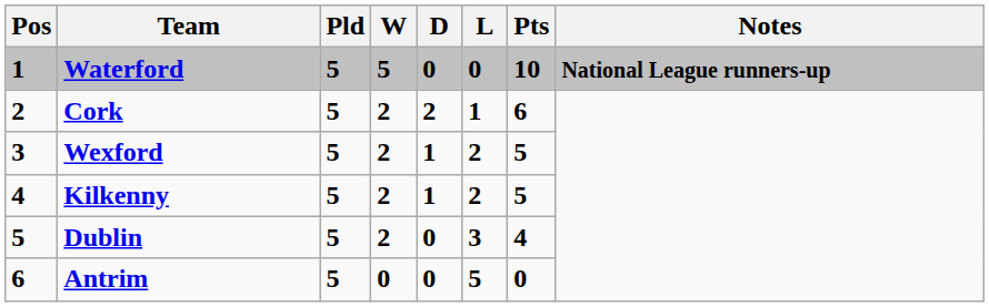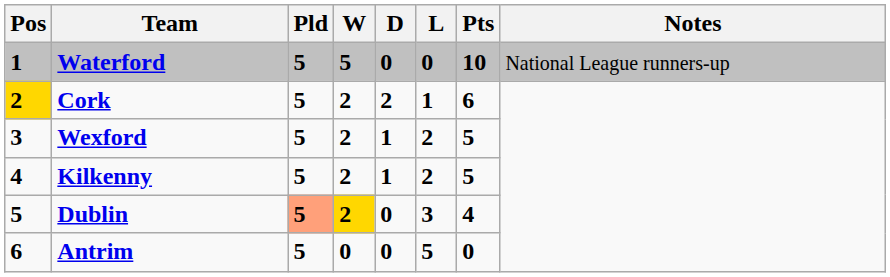 <table class="wikitable" style="text-align: centre;">
 <tr>
 <th width=20>Pos</th>
 <th width=150>Team</th>
 <th width=20>Pld</th>
 <th width=20>W</th>
 <th width=20>D</th>
 <th width=20>L</th>
 <th width=20>Pts</th>
 <th width=250>Notes</th>
 </tr>
 <tr style="background:silver;">
 <td><strong>1</strong></td>
 <td align=left><strong> <a href='#'>Waterford</a> </strong></td>
 <td><strong>5</strong></td>
 <td><strong>5</strong></td>
 <td><strong>0</strong></td>
 <td><strong>0</strong></td>
 <td><strong>10</strong></td>
-<td><strong><small>National League runners-up</small></strong></td>
+<td><small>National League runners-up</small></td>
 </tr>
 <tr>
-<td><strong>2</strong></td>
+<td style="background: gold;"><strong>2</strong></td>
 <td align=left><strong> <a href='#'>Cork</a> </strong></td>
 <td><strong>5</strong></td>
 <td><strong>2</strong></td>
 <td><strong>2</strong></td>
 <td><strong>1</strong></td>
 <td><strong>6</strong></td>
 </tr>
 <tr>
 <td><strong>3</strong></td>
 <td align=left><strong> <a href='#'>Wexford</a> </strong></td>
 <td><strong>5</strong></td>
 <td><strong>2</strong></td>
 <td><strong>1</strong></td>
 <td><strong>2</strong></td>
 <td><strong>5</strong></td>
 </tr>
 <tr>
 <td><strong>4</strong></td>
 <td align=left><strong> <a href='#'>Kilkenny</a> </strong></td>
 <td><strong>5</strong></td>
 <td><strong>2</strong></td>
 <td><strong>1</strong></td>
 <td><strong>2</strong></td>
 <td><strong>5</strong></td>
 </tr>
 <tr>
 <td><strong>5</strong></td>
 <td align=left><strong> <a href='#'>Dublin</a> </strong></td>
-<td><strong>5</strong></td>
-<td><strong>2</strong></td>
+<td style="background: lightsalmon;"><strong>5</strong></td>
+<td style="background: gold;"><strong>2</strong></td>
 <td><strong>0</strong></td>
 <td><strong>3</strong></td>
 <td><strong>4</strong></td>
 </tr>
 <tr>
 <td><strong>6</strong></td>
 <td align=left><strong> <a href='#'>Antrim</a> </strong></td>
 <td><strong>5</strong></td>
 <td><strong>0</strong></td>
 <td><strong>0</strong></td>
 <td><strong>5</strong></td>
 <td><strong>0</strong></td>
 </tr>
 </table>
